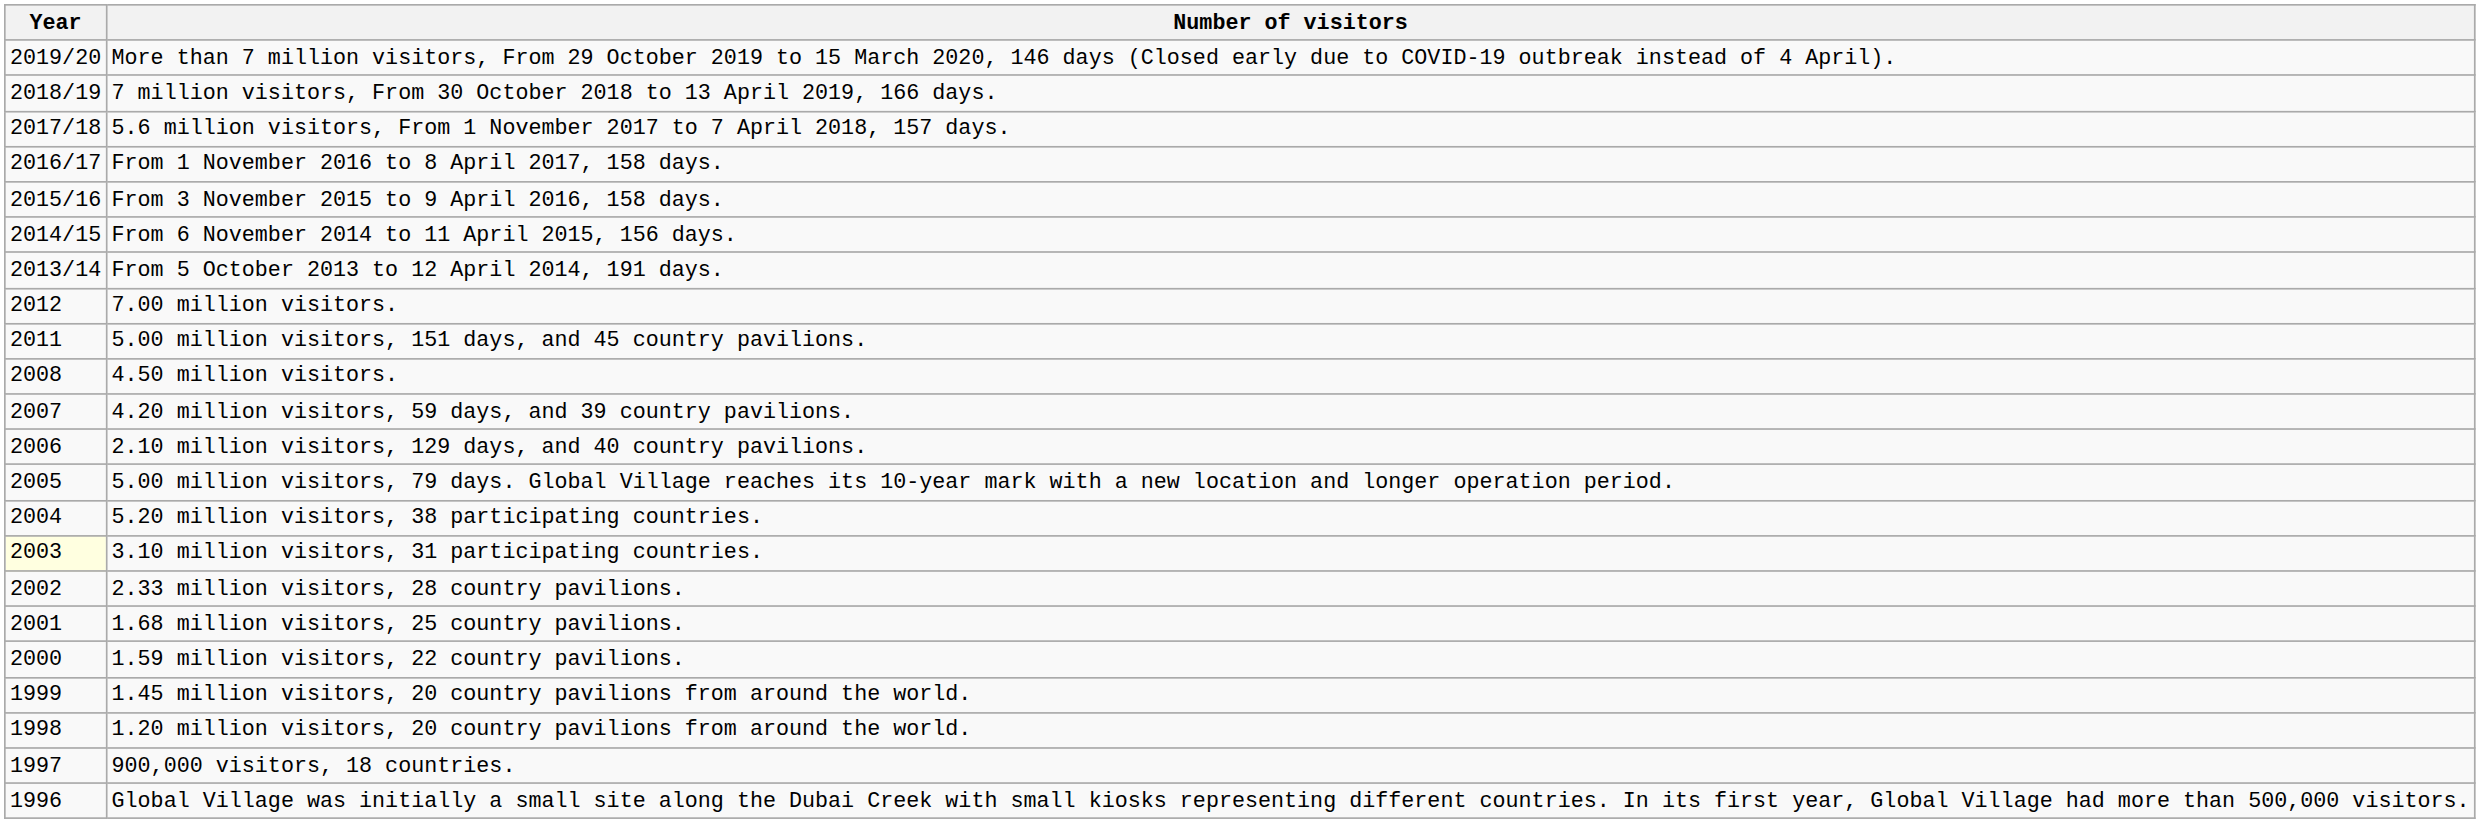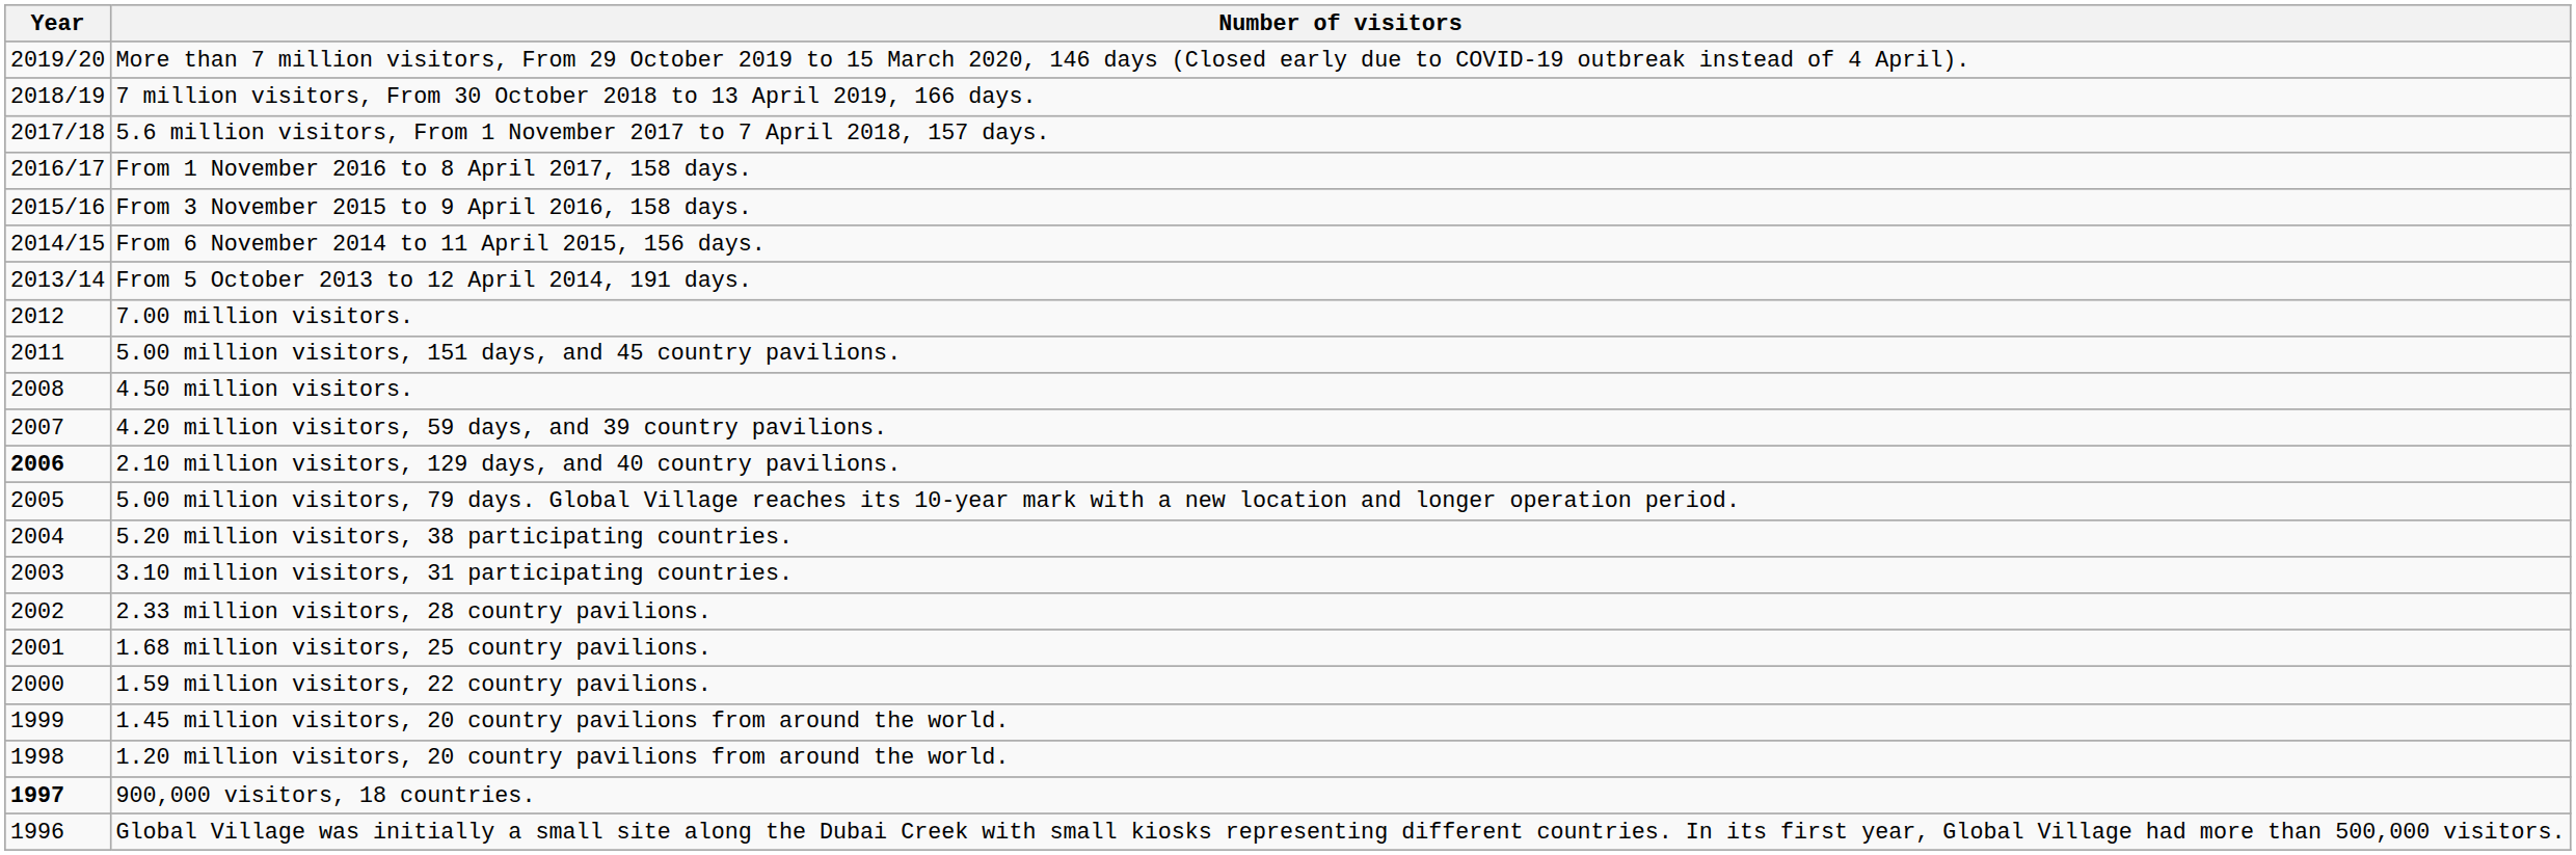 <table class="wikitable">
 <tr>
 <th>Year</th>
 <th>Number of visitors</th>
 </tr>
 <tr>
 <td>2019/20</td>
 <td>More than 7 million visitors, From 29 October 2019 to 15 March 2020, 146 days (Closed early due to COVID-19 outbreak instead of 4 April).</td>
 </tr>
 <tr>
 <td>2018/19</td>
 <td>7 million visitors, From 30 October 2018 to 13 April 2019, 166 days.</td>
 </tr>
 <tr>
 <td>2017/18</td>
 <td>5.6 million visitors, From 1 November 2017 to 7 April 2018, 157 days.</td>
 </tr>
 <tr>
 <td>2016/17</td>
 <td>From 1 November 2016 to 8 April 2017, 158 days.</td>
 </tr>
 <tr>
 <td>2015/16</td>
 <td>From 3 November 2015 to 9 April 2016, 158 days.</td>
 </tr>
 <tr>
 <td>2014/15</td>
 <td>From 6 November 2014 to 11 April 2015, 156 days.</td>
 </tr>
 <tr>
 <td>2013/14</td>
 <td>From 5 October 2013 to 12 April 2014, 191 days.</td>
 </tr>
 <tr>
 <td>2012</td>
 <td>7.00 million visitors.</td>
 </tr>
 <tr>
 <td>2011</td>
 <td>5.00 million visitors, 151 days, and 45 country pavilions.</td>
 </tr>
 <tr>
 <td>2008</td>
 <td>4.50 million visitors.</td>
 </tr>
 <tr>
 <td>2007</td>
 <td>4.20 million visitors, 59 days, and 39 country pavilions.</td>
 </tr>
 <tr>
-<td>2006</td>
+<td><strong>2006</strong></td>
 <td>2.10 million visitors, 129 days, and 40 country pavilions.</td>
 </tr>
 <tr>
 <td>2005</td>
 <td>5.00 million visitors, 79 days. Global Village reaches its 10-year mark with a new location and longer operation period.</td>
 </tr>
 <tr>
 <td>2004</td>
 <td>5.20 million visitors, 38 participating countries.</td>
 </tr>
 <tr>
-<td style="background: lightyellow;">2003</td>
+<td>2003</td>
 <td>3.10 million visitors, 31 participating countries.</td>
 </tr>
 <tr>
 <td>2002</td>
 <td>2.33 million visitors, 28 country pavilions.</td>
 </tr>
 <tr>
 <td>2001</td>
 <td>1.68 million visitors, 25 country pavilions.</td>
 </tr>
 <tr>
 <td>2000</td>
 <td>1.59 million visitors, 22 country pavilions.</td>
 </tr>
 <tr>
 <td>1999</td>
 <td>1.45 million visitors, 20 country pavilions from around the world.</td>
 </tr>
 <tr>
 <td>1998</td>
 <td>1.20 million visitors, 20 country pavilions from around the world.</td>
 </tr>
 <tr>
-<td>1997</td>
+<td><strong>1997</strong></td>
 <td>900,000 visitors, 18 countries.</td>
 </tr>
 <tr>
 <td>1996</td>
 <td>Global Village was initially a small site along the Dubai Creek with small kiosks representing different countries. In its first year, Global Village had more than 500,000 visitors.</td>
 </tr>
 </table>
